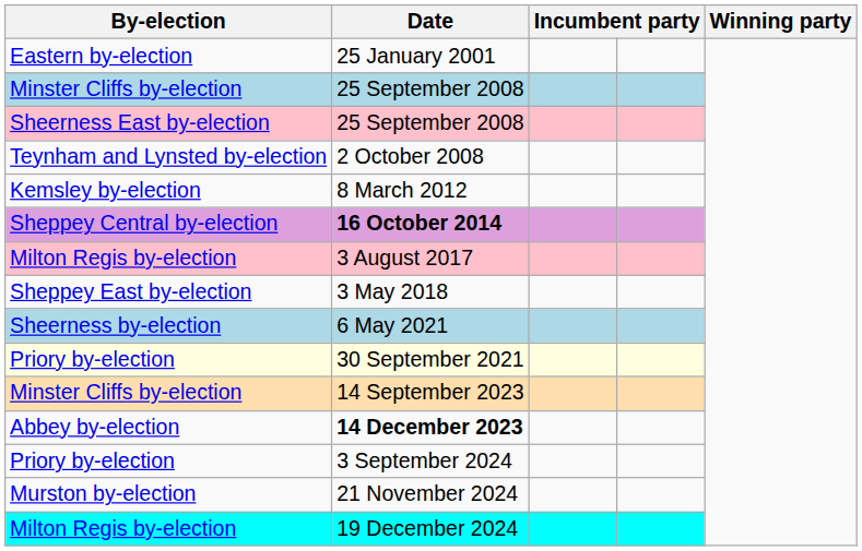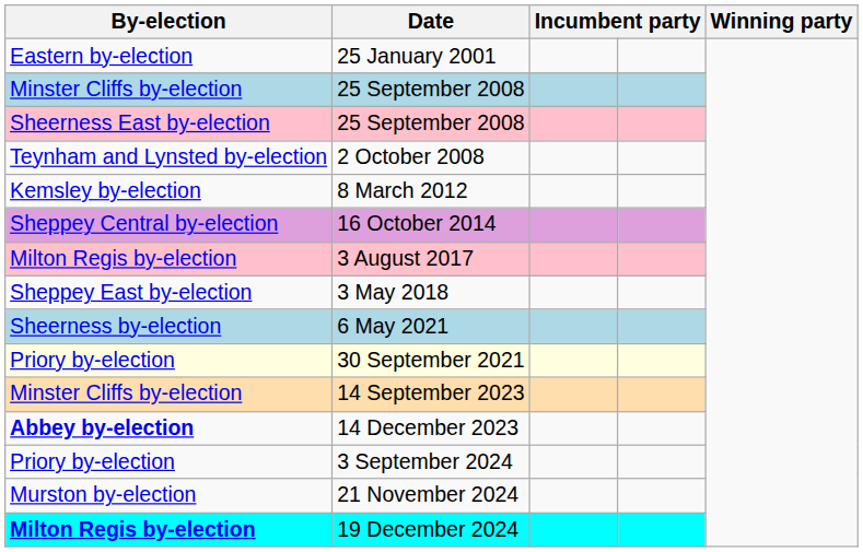 <table class="wikitable">
 <tr>
 <th>By-election</th>
 <th>Date</th>
 <th colspan=2>Incumbent party</th>
 <th colspan=2>Winning party</th>
 </tr>
 <tr bgcolor=>
 <td><a href='#'>Eastern by-election</a></td>
 <td>25 January 2001</td>
 <td></td>
 <td></td>
 </tr>
 <tr bgcolor=lightblue>
 <td><a href='#'>Minster Cliffs by-election</a></td>
 <td>25 September 2008</td>
 <td></td>
 <td></td>
 </tr>
 <tr bgcolor=pink>
 <td><a href='#'>Sheerness East by-election</a></td>
 <td>25 September 2008</td>
 <td></td>
 <td></td>
 </tr>
 <tr bgcolor=>
 <td><a href='#'>Teynham and Lynsted by-election</a></td>
 <td>2 October 2008</td>
 <td></td>
 <td></td>
 </tr>
 <tr bgcolor=>
 <td><a href='#'>Kemsley by-election</a></td>
 <td>8 March 2012</td>
 <td></td>
 <td></td>
 </tr>
 <tr bgcolor=#DDA0DD>
 <td><a href='#'>Sheppey Central by-election</a></td>
-<td><strong>16 October 2014</strong></td>
+<td>16 October 2014</td>
 <td></td>
 <td></td>
 </tr>
 <tr bgcolor=pink>
 <td><a href='#'>Milton Regis by-election</a></td>
 <td>3 August 2017</td>
 <td></td>
 <td></td>
 </tr>
 <tr bgcolor=>
 <td><a href='#'>Sheppey East by-election</a></td>
 <td>3 May 2018</td>
 <td></td>
 <td></td>
 </tr>
 <tr bgcolor=lightblue>
 <td><a href='#'>Sheerness by-election</a></td>
 <td>6 May 2021</td>
 <td></td>
 <td></td>
 </tr>
 <tr bgcolor=lightyellow>
 <td><a href='#'>Priory by-election</a></td>
 <td>30 September 2021</td>
 <td></td>
 <td></td>
 </tr>
 <tr bgcolor=NavajoWhite>
 <td><a href='#'>Minster Cliffs by-election</a></td>
 <td>14 September 2023</td>
 <td></td>
 <td></td>
 </tr>
 <tr bgcolor=>
-<td><a href='#'>Abbey by-election</a></td>
-<td><strong>14 December 2023</strong></td>
+<td><strong><a href='#'>Abbey by-election</a></strong></td>
+<td>14 December 2023</td>
 <td></td>
 <td></td>
 </tr>
 <tr bgcolor=>
 <td><a href='#'>Priory by-election</a></td>
 <td>3 September 2024</td>
 <td></td>
 <td></td>
 </tr>
 <tr bgcolor=>
 <td><a href='#'>Murston by-election</a></td>
 <td>21 November 2024</td>
 <td></td>
 <td></td>
 </tr>
 <tr bgcolor=00FFFF>
-<td><a href='#'>Milton Regis by-election</a></td>
+<td><strong><a href='#'>Milton Regis by-election</a></strong></td>
 <td>19 December 2024</td>
 <td></td>
 <td></td>
 </tr>
 </table>
